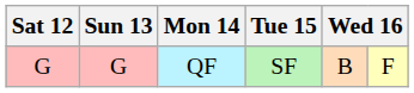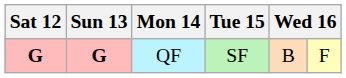 <table class="wikitable" style="margin:0.5em auto; font-size:90%; line-height:1.25em; text-align:center">
 <tr>
 <th>Sat 12</th>
 <th>Sun 13</th>
 <th>Mon 14</th>
 <th>Tue 15</th>
 <th colspan=2>Wed 16</th>
 </tr>
 <tr>
-<td bgcolor="#FFBBBB">G</td>
-<td bgcolor="#FFBBBB">G</td>
+<td bgcolor="#FFBBBB"><strong>G</strong></td>
+<td bgcolor="#FFBBBB"><strong>G</strong></td>
 <td bgcolor="#BBF3FF">QF</td>
 <td bgcolor="#BBF3BB">SF</td>
 <td bgcolor="#FEDCBA">B</td>
 <td bgcolor="#FFFFBB">F</td>
 </tr>
 </table>
